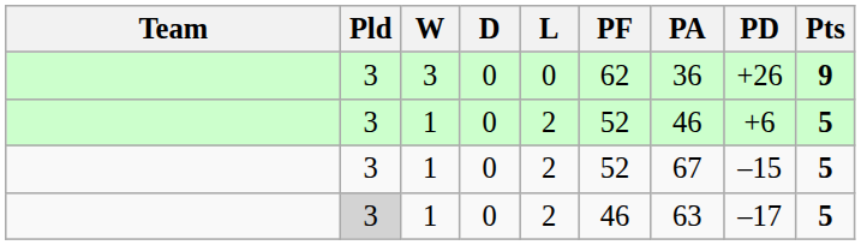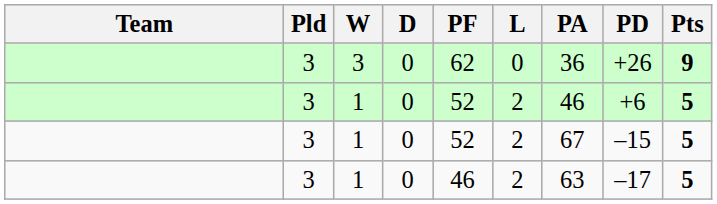 <table class="wikitable" style="text-align:center;">
 <tr>
 <th width=175>Team</th>
 <th width=25 abbr="Played">Pld</th>
 <th width=25 abbr="Won">W</th>
 <th width=25 abbr="Drawn">D</th>
+<th width=32 abbr="Points for">PF</th>
 <th width=25 abbr="Lost">L</th>
-<th width=32 abbr="Points for">PF</th>
 <th width=32 abbr="Points against">PA</th>
 <th width=32 abbr="Points difference">PD</th>
 <th width=25 abbr="Points">Pts</th>
 </tr>
 <tr bgcolor=ccffcc>
 <td align=left></td>
 <td>3</td>
 <td>3</td>
 <td>0</td>
+<td>62</td>
 <td>0</td>
-<td>62</td>
 <td>36</td>
 <td>+26</td>
 <td><strong>9</strong></td>
 </tr>
 <tr bgcolor=ccffcc>
 <td align=left></td>
 <td>3</td>
 <td>1</td>
 <td>0</td>
+<td>52</td>
 <td>2</td>
-<td>52</td>
 <td>46</td>
 <td>+6</td>
 <td><strong>5</strong></td>
 </tr>
 <tr>
 <td align=left></td>
 <td>3</td>
 <td>1</td>
 <td>0</td>
+<td>52</td>
 <td>2</td>
-<td>52</td>
 <td>67</td>
 <td>–15</td>
 <td><strong>5</strong></td>
 </tr>
 <tr>
 <td align=left></td>
-<td style="background: lightgrey;">3</td>
+<td>3</td>
 <td>1</td>
 <td>0</td>
+<td>46</td>
 <td>2</td>
-<td>46</td>
 <td>63</td>
 <td>–17</td>
 <td><strong>5</strong></td>
 </tr>
 </table>
